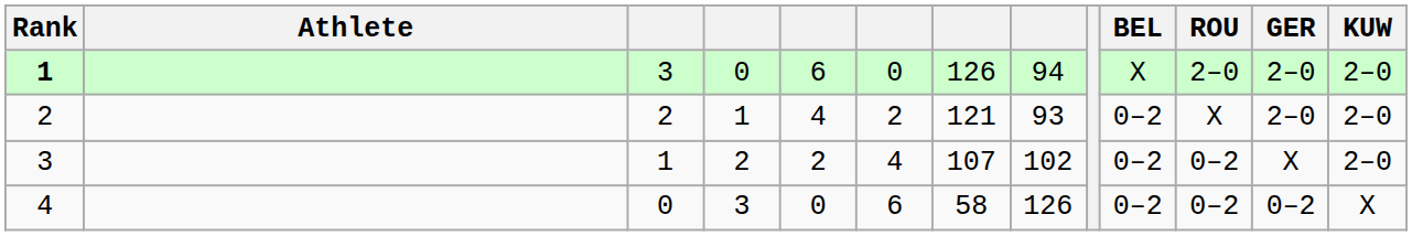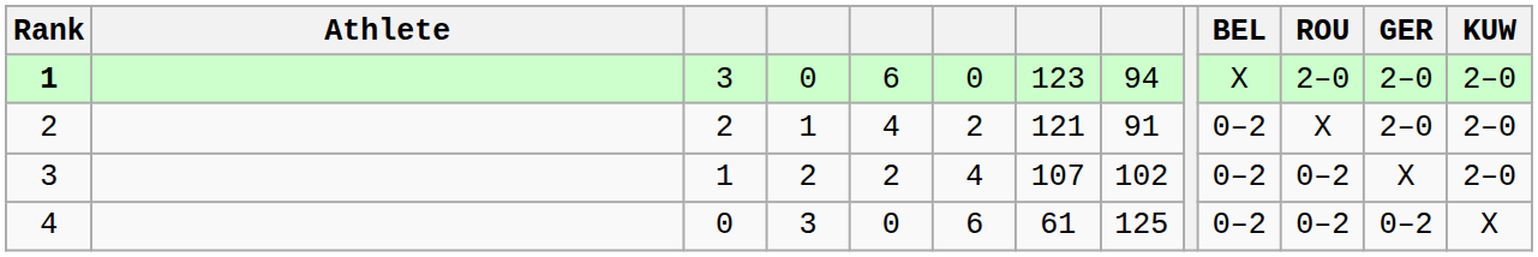 <table class="wikitable" style="text-align:center">
 <tr>
 <th>Rank</th>
 <th width=250>Athlete</th>
 <th width=30></th>
 <th width=30></th>
 <th width=30></th>
 <th width=30></th>
 <th width=30></th>
 <th width=30></th>
 <th rowspan=5></th>
 <th width=30>BEL</th>
 <th width=30>ROU</th>
 <th width=30>GER</th>
 <th width=30>KUW</th>
 </tr>
 <tr style="background-color:#ccffcc;">
 <td><strong>1</strong></td>
 <td align=left></td>
 <td>3</td>
 <td>0</td>
 <td>6</td>
 <td>0</td>
-<td>126</td>
+<td>123</td>
 <td>94</td>
 <td>X</td>
 <td>2–0</td>
 <td>2–0</td>
 <td>2–0</td>
 </tr>
 <tr>
 <td>2</td>
 <td align=left></td>
 <td>2</td>
 <td>1</td>
 <td>4</td>
 <td>2</td>
 <td>121</td>
-<td>93</td>
+<td>91</td>
 <td>0–2</td>
 <td>X</td>
 <td>2–0</td>
 <td>2–0</td>
 </tr>
 <tr>
 <td>3</td>
 <td align=left></td>
 <td>1</td>
 <td>2</td>
 <td>2</td>
 <td>4</td>
 <td>107</td>
 <td>102</td>
 <td>0–2</td>
 <td>0–2</td>
 <td>X</td>
 <td>2–0</td>
 </tr>
 <tr>
 <td>4</td>
 <td align=left></td>
 <td>0</td>
 <td>3</td>
 <td>0</td>
 <td>6</td>
-<td>58</td>
-<td>126</td>
+<td>61</td>
+<td>125</td>
 <td>0–2</td>
 <td>0–2</td>
 <td>0–2</td>
 <td>X</td>
 </tr>
 </table>
